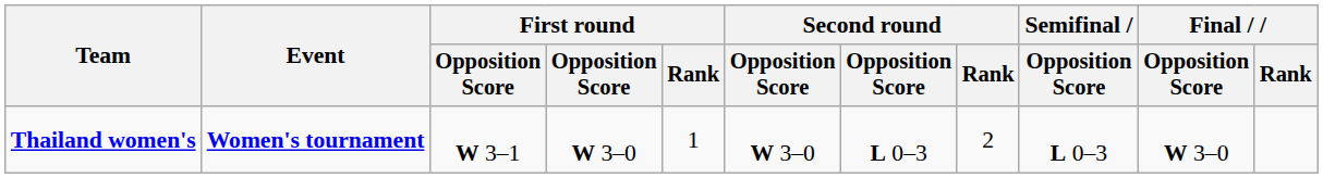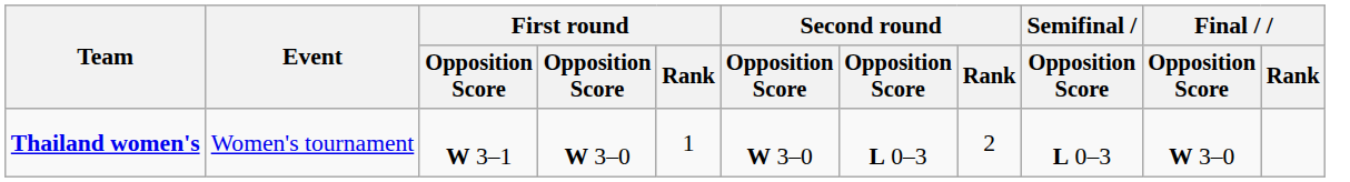 <table class=wikitable style=font-size:90%;text-align:center>
 <tr>
 <th rowspan=2>Team</th>
 <th rowspan=2>Event</th>
 <th colspan=3>First round</th>
 <th colspan=3>Second round</th>
 <th>Semifinal / </th>
 <th colspan=2>Final /  / </th>
 </tr>
 <tr style=font-size:95%>
 <th>Opposition<br>Score</th>
 <th>Opposition<br>Score</th>
 <th>Rank</th>
 <th>Opposition<br>Score</th>
 <th>Opposition<br>Score</th>
 <th>Rank</th>
 <th>Opposition<br>Score</th>
 <th>Opposition<br>Score</th>
 <th>Rank</th>
 </tr>
 <tr>
 <td align=left><strong><a href='#'>Thailand women's</a></strong></td>
-<td align=left><strong><a href='#'>Women's tournament</a></strong></td>
+<td align=left><a href='#'>Women's tournament</a></td>
 <td><br><strong>W</strong> 3–1</td>
 <td><br><strong>W</strong> 3–0</td>
 <td>1 <strong></strong></td>
 <td><br><strong>W</strong> 3–0</td>
 <td><br><strong>L</strong> 0–3</td>
 <td>2 <strong></strong></td>
 <td><br><strong>L</strong> 0–3</td>
 <td><br><strong>W</strong> 3–0</td>
 <td></td>
 </tr>
 </table>
